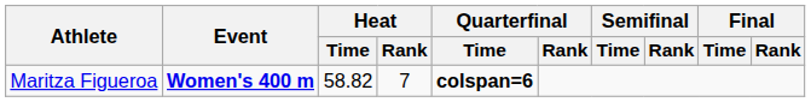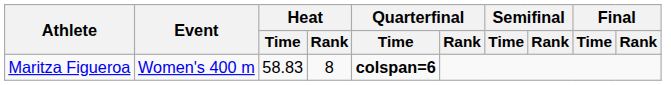 <table class=wikitable style=font-size:90%;text-align:center>
 <tr>
 <th rowspan=2>Athlete</th>
 <th rowspan=2>Event</th>
 <th colspan=2>Heat</th>
 <th colspan=2>Quarterfinal</th>
 <th colspan=2>Semifinal</th>
 <th colspan=2>Final</th>
 </tr>
 <tr style=font-size:95%>
 <th>Time</th>
 <th>Rank</th>
 <th>Time</th>
 <th>Rank</th>
 <th>Time</th>
 <th>Rank</th>
 <th>Time</th>
 <th>Rank</th>
 </tr>
 <tr>
 <td align=left><a href='#'>Maritza Figueroa</a></td>
-<td align=left><strong><a href='#'>Women's 400 m</a></strong></td>
-<td>58.82</td>
-<td>7</td>
+<td align=left><a href='#'>Women's 400 m</a></td>
+<td>58.83</td>
+<td>8</td>
 <td><strong>colspan=6 </strong></td>
 </tr>
 </table>
